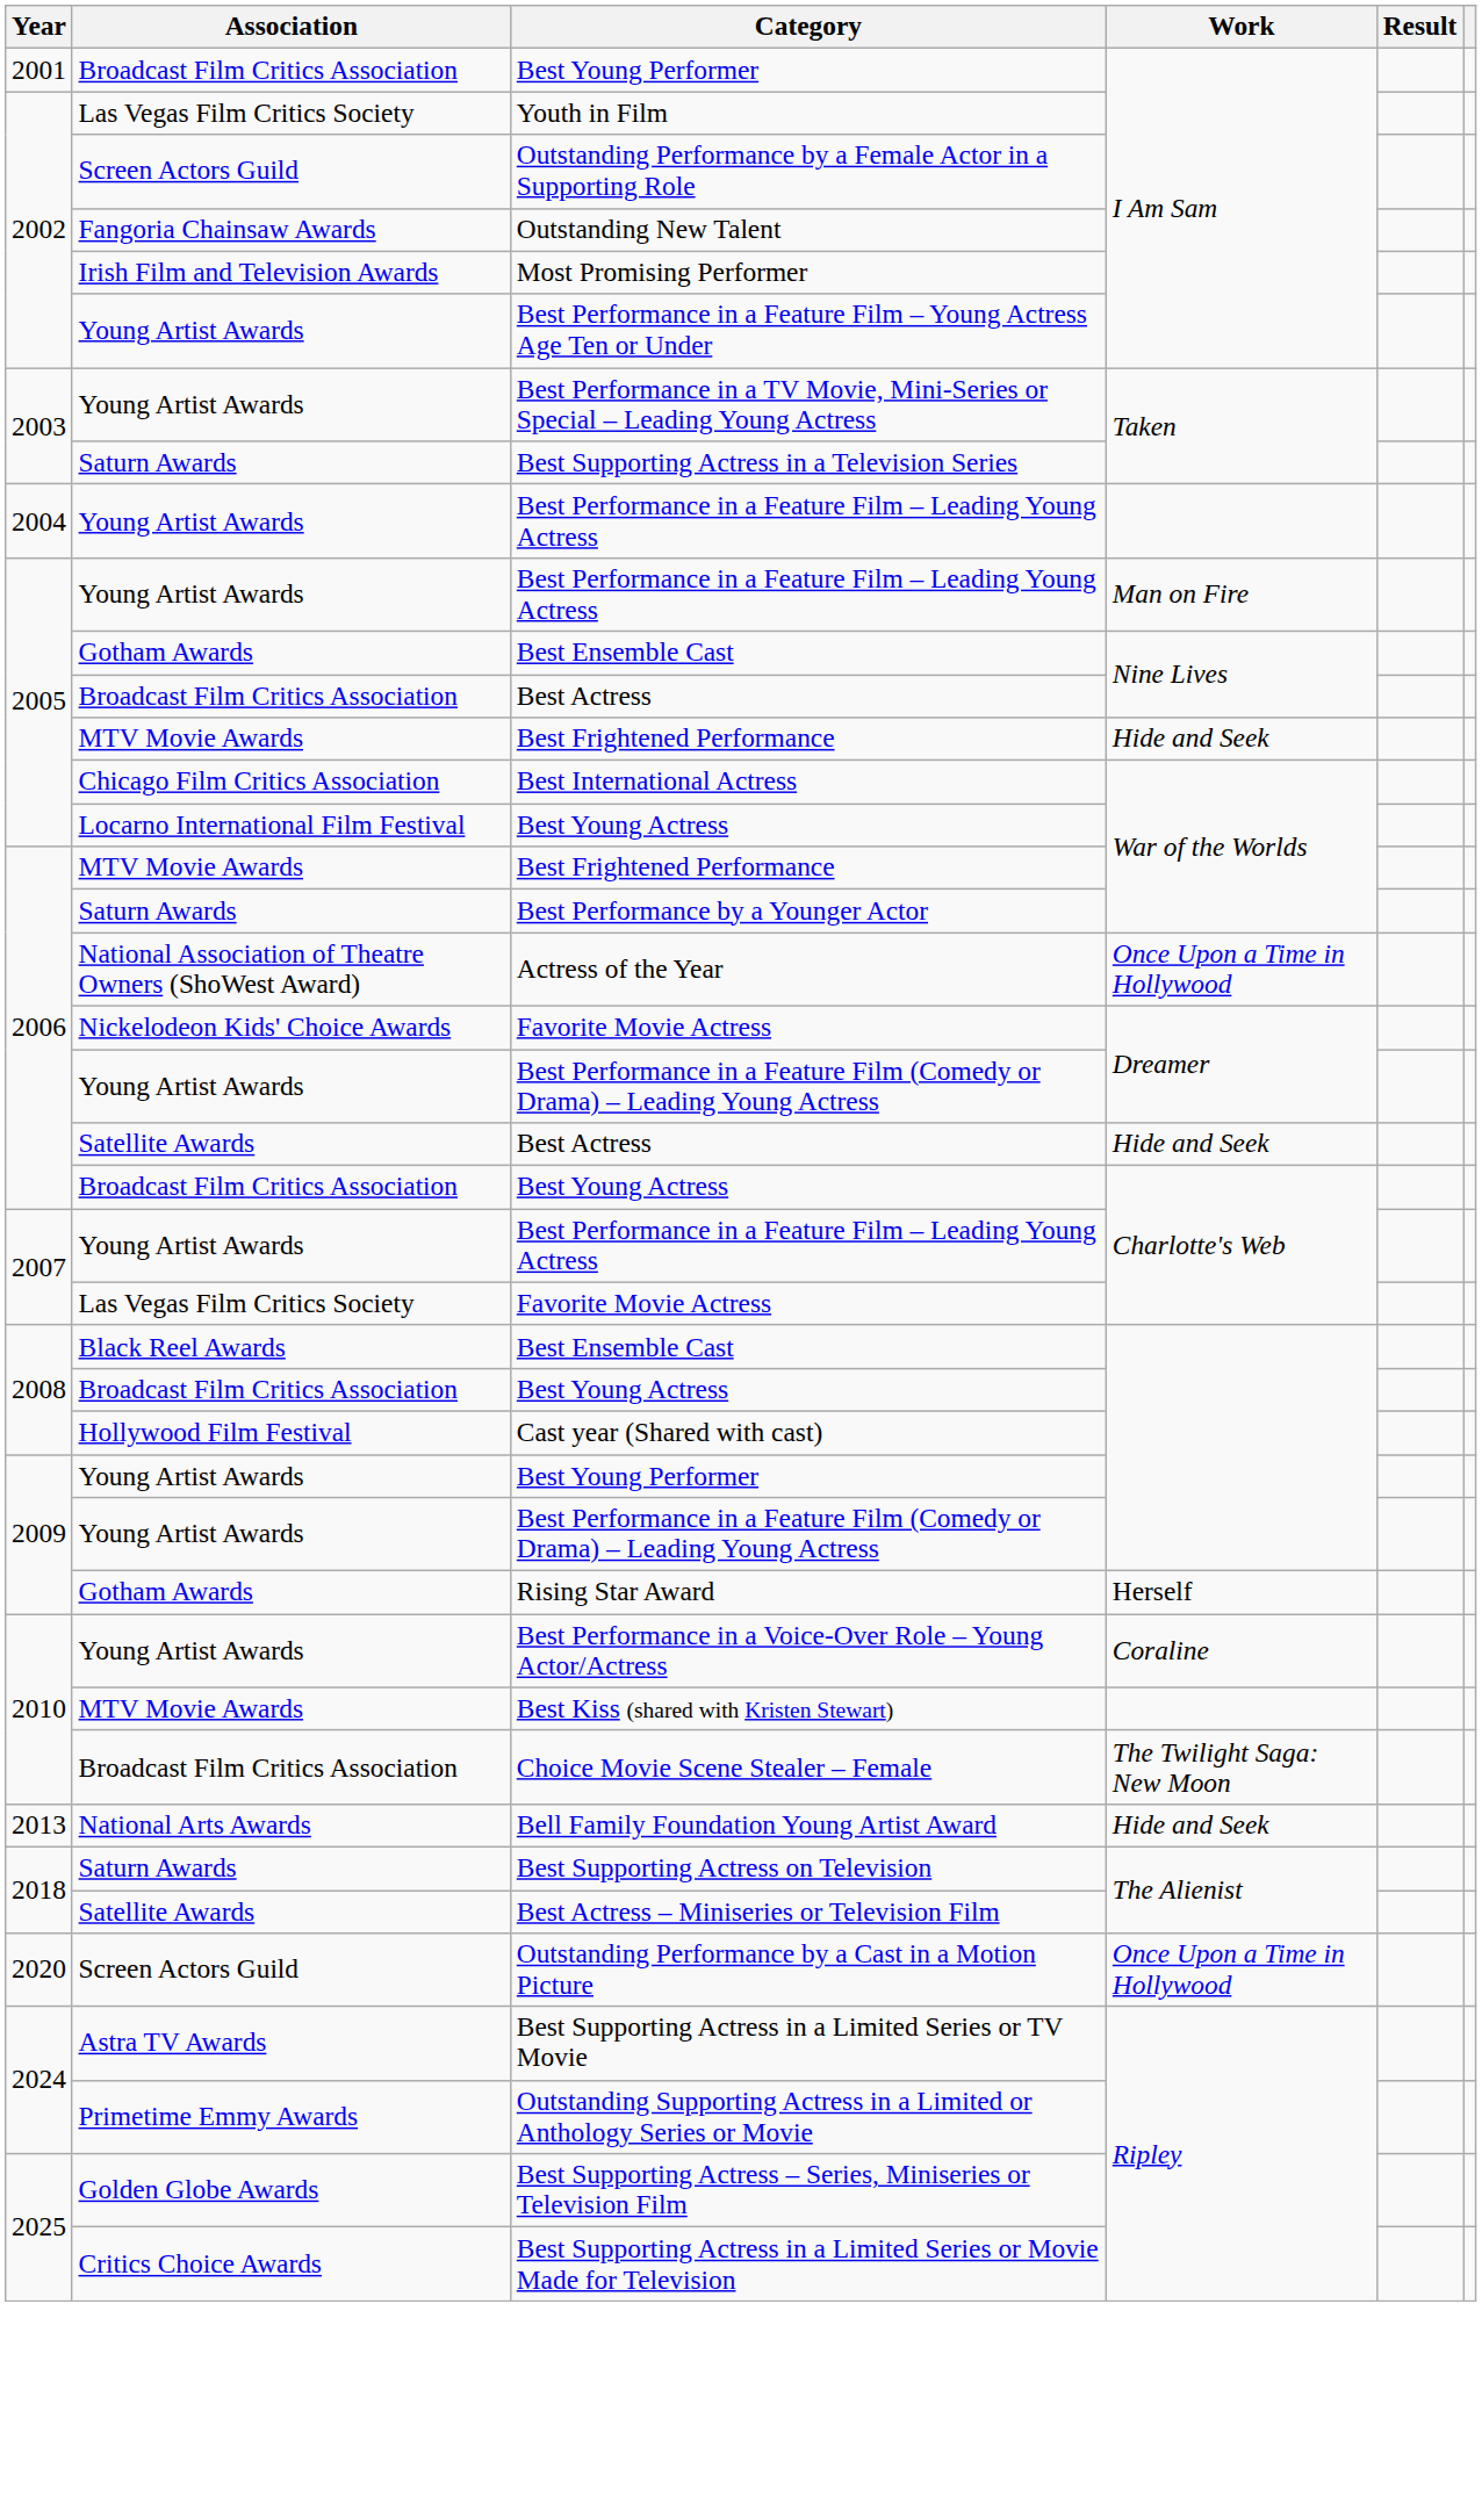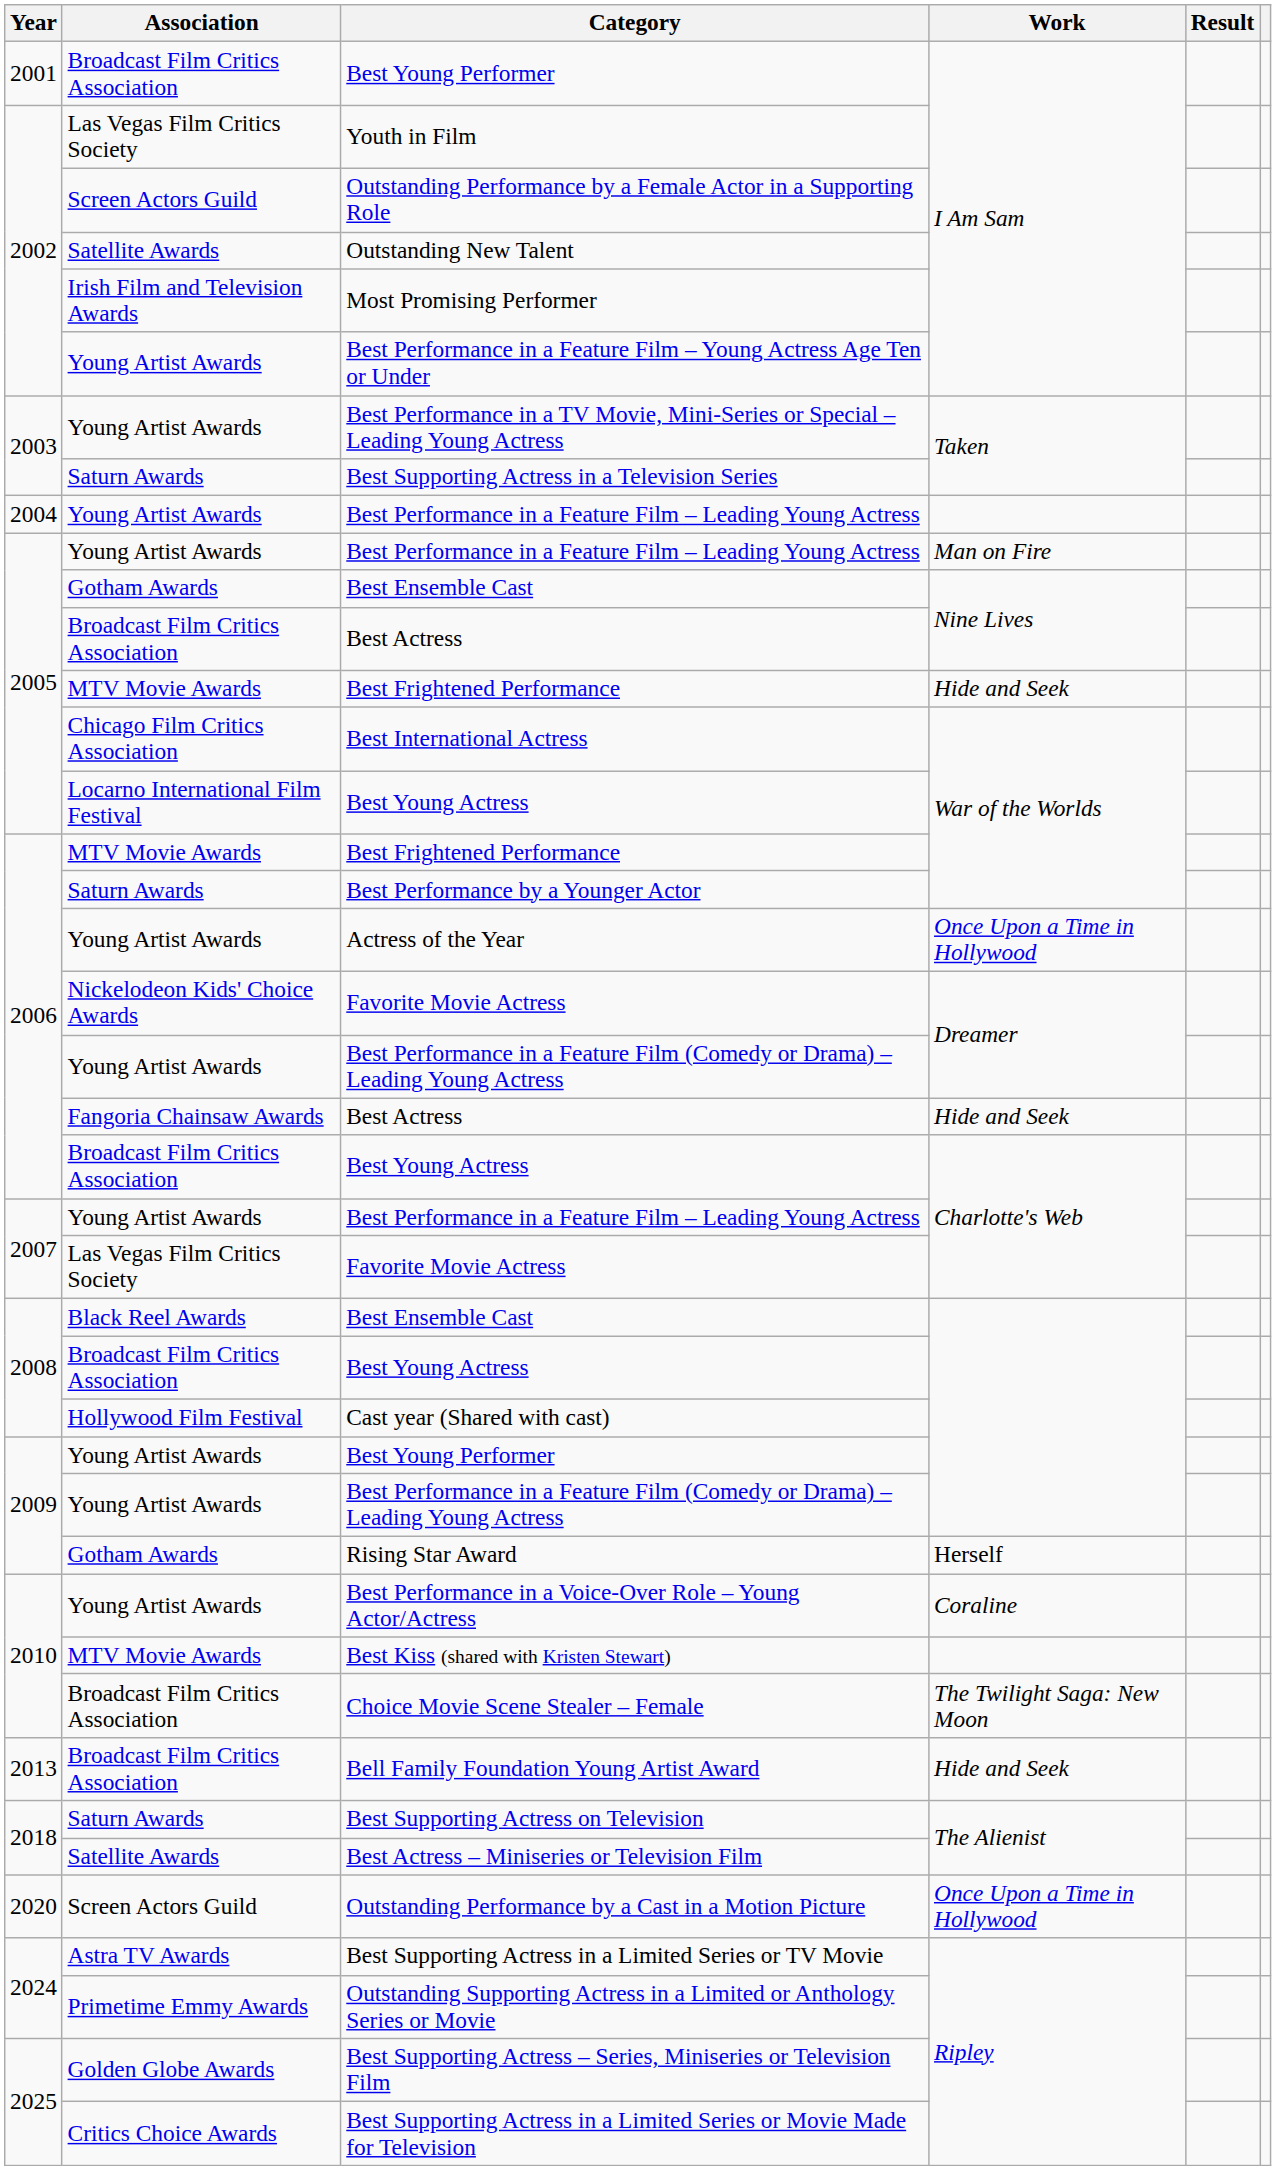 <table class="wikitable sortable">
 <tr>
 <th>Year</th>
 <th>Association</th>
 <th>Category</th>
 <th>Work</th>
 <th>Result</th>
 <th class="unsortable"></th>
 </tr>
 <tr>
 <td>2001</td>
 <td><a href='#'>Broadcast Film Critics Association</a></td>
 <td><a href='#'>Best Young Performer</a></td>
 <td rowspan="6"><em>I Am Sam</em></td>
 <td></td>
 <td style="text-align:center;"></td>
 </tr>
 <tr>
 <td rowspan="5">2002</td>
 <td>Las Vegas Film Critics Society</td>
 <td>Youth in Film</td>
 <td></td>
 <td style="text-align:center;"></td>
 </tr>
 <tr>
 <td><a href='#'>Screen Actors Guild</a></td>
 <td><a href='#'>Outstanding Performance by a Female Actor in a Supporting Role</a></td>
 <td></td>
 <td style="text-align:center;"></td>
 </tr>
 <tr>
-<td><a href='#'>Fangoria Chainsaw Awards</a></td>
+<td><a href='#'>Satellite Awards</a></td>
 <td>Outstanding New Talent</td>
 <td></td>
 <td style="text-align:center;"></td>
 </tr>
 <tr>
 <td><a href='#'>Irish Film and Television Awards</a></td>
 <td>Most Promising Performer</td>
 <td></td>
 <td></td>
 </tr>
 <tr>
 <td><a href='#'>Young Artist Awards</a></td>
 <td><a href='#'>Best Performance in a Feature Film – Young Actress Age Ten or Under</a></td>
 <td></td>
 <td style="text-align:center;"></td>
 </tr>
 <tr>
 <td rowspan="2">2003</td>
 <td>Young Artist Awards</td>
 <td><a href='#'>Best Performance in a TV Movie, Mini-Series or Special – Leading Young Actress</a></td>
 <td rowspan="2"><em>Taken</em></td>
 <td></td>
 <td style="text-align:center;"></td>
 </tr>
 <tr>
 <td><a href='#'>Saturn Awards</a></td>
 <td><a href='#'>Best Supporting Actress in a Television Series</a></td>
 <td></td>
 <td></td>
 </tr>
 <tr>
 <td>2004</td>
 <td><a href='#'>Young Artist Awards</a></td>
 <td><a href='#'>Best Performance in a Feature Film – Leading Young Actress</a></td>
 <td><em></em></td>
 <td></td>
 <td style="text-align:center;"></td>
 </tr>
 <tr>
 <td rowspan="6">2005</td>
 <td>Young Artist Awards</td>
 <td><a href='#'>Best Performance in a Feature Film – Leading Young Actress</a></td>
 <td><em>Man on Fire</em></td>
 <td></td>
 <td style="text-align:center;"></td>
 </tr>
 <tr>
 <td><a href='#'>Gotham Awards</a></td>
 <td><a href='#'>Best Ensemble Cast</a></td>
 <td rowspan="2"><em>Nine Lives</em></td>
 <td></td>
 <td style="text-align:center;"></td>
 </tr>
 <tr>
 <td><a href='#'>Broadcast Film Critics Association</a></td>
 <td>Best Actress</td>
 <td></td>
 <td></td>
 </tr>
 <tr>
 <td><a href='#'>MTV Movie Awards</a></td>
 <td><a href='#'>Best Frightened Performance</a></td>
 <td><em>Hide and Seek</em></td>
 <td></td>
 <td style="text-align:center;"></td>
 </tr>
 <tr>
 <td><a href='#'>Chicago Film Critics Association</a></td>
 <td><a href='#'>Best International Actress</a></td>
 <td rowspan="4"><em>War of the Worlds</em></td>
 <td></td>
 <td style="text-align:center;"></td>
 </tr>
 <tr>
 <td><a href='#'>Locarno International Film Festival</a></td>
 <td><a href='#'>Best Young Actress</a></td>
 <td></td>
 <td></td>
 </tr>
 <tr>
 <td rowspan="7">2006</td>
 <td><a href='#'>MTV Movie Awards</a></td>
 <td><a href='#'>Best Frightened Performance</a></td>
 <td></td>
 <td style="text-align:center;"></td>
 </tr>
 <tr>
 <td><a href='#'>Saturn Awards</a></td>
 <td><a href='#'>Best Performance by a Younger Actor</a></td>
 <td></td>
 <td style="text-align:center;"></td>
 </tr>
 <tr>
-<td><a href='#'>National Association of Theatre Owners</a> (ShoWest Award)</td>
+<td>Young Artist Awards</td>
 <td>Actress of the Year</td>
 <td><em><a href='#'>Once Upon a Time in Hollywood</a></em></td>
 <td></td>
 <td style="text-align:center;"></td>
 </tr>
 <tr>
 <td><a href='#'>Nickelodeon Kids' Choice Awards</a></td>
 <td><a href='#'>Favorite Movie Actress</a></td>
 <td rowspan="2"><em>Dreamer</em></td>
 <td></td>
 <td></td>
 </tr>
 <tr>
 <td>Young Artist Awards</td>
 <td><a href='#'>Best Performance in a Feature Film (Comedy or Drama) – Leading Young Actress</a></td>
 <td></td>
 <td style="text-align:center;"></td>
 </tr>
 <tr>
-<td><a href='#'>Satellite Awards</a></td>
+<td><a href='#'>Fangoria Chainsaw Awards</a></td>
 <td>Best Actress</td>
 <td><em>Hide and Seek</em></td>
 <td></td>
 <td></td>
 </tr>
 <tr>
 <td><a href='#'>Broadcast Film Critics Association</a></td>
 <td><a href='#'>Best Young Actress</a></td>
 <td rowspan="3"><em>Charlotte's Web</em></td>
 <td></td>
 <td></td>
 </tr>
 <tr>
 <td rowspan="2">2007</td>
 <td>Young Artist Awards</td>
 <td><a href='#'>Best Performance in a Feature Film – Leading Young Actress</a></td>
 <td></td>
 <td style="text-align:center;"></td>
 </tr>
 <tr>
 <td>Las Vegas Film Critics Society</td>
 <td><a href='#'>Favorite Movie Actress</a></td>
 <td></td>
 <td style="text-align:center;"></td>
 </tr>
 <tr>
 <td rowspan="3">2008</td>
 <td><a href='#'>Black Reel Awards</a></td>
 <td><a href='#'>Best Ensemble Cast</a></td>
 <td rowspan="5"><em></em></td>
 <td></td>
 <td></td>
 </tr>
 <tr>
 <td><a href='#'>Broadcast Film Critics Association</a></td>
 <td><a href='#'>Best Young Actress</a></td>
 <td></td>
 <td></td>
 </tr>
 <tr>
 <td><a href='#'>Hollywood Film Festival</a></td>
 <td>Cast year (Shared with cast)</td>
 <td></td>
 <td></td>
 </tr>
 <tr>
 <td rowspan="3">2009</td>
 <td>Young Artist Awards</td>
 <td><a href='#'>Best Young Performer</a></td>
 <td></td>
 <td></td>
 </tr>
 <tr>
 <td>Young Artist Awards</td>
 <td><a href='#'>Best Performance in a Feature Film (Comedy or Drama) – Leading Young Actress</a></td>
 <td></td>
 <td style="text-align:center;"></td>
 </tr>
 <tr>
 <td><a href='#'>Gotham Awards</a></td>
 <td>Rising Star Award</td>
 <td>Herself</td>
 <td></td>
 <td align="center"></td>
 </tr>
 <tr>
 <td rowspan="3">2010</td>
 <td>Young Artist Awards</td>
 <td><a href='#'>Best Performance in a Voice-Over Role – Young Actor/Actress</a></td>
 <td><em>Coraline</em></td>
 <td></td>
 <td style="text-align:center;"></td>
 </tr>
 <tr>
 <td><a href='#'>MTV Movie Awards</a></td>
 <td><a href='#'>Best Kiss</a> <small>(shared with <a href='#'>Kristen Stewart</a>)</small></td>
 <td><em></em></td>
 <td></td>
 <td style="text-align:center;"></td>
 </tr>
 <tr>
 <td>Broadcast Film Critics Association</td>
 <td><a href='#'>Choice Movie Scene Stealer – Female</a></td>
 <td><em>The Twilight Saga: New Moon</em></td>
 <td></td>
 <td></td>
 </tr>
 <tr>
 <td>2013</td>
-<td><a href='#'>National Arts Awards</a></td>
+<td><a href='#'>Broadcast Film Critics Association</a></td>
 <td><a href='#'>Bell Family Foundation Young Artist Award</a></td>
 <td><em>Hide and Seek</em></td>
 <td></td>
 <td></td>
 </tr>
 <tr>
 <td rowspan="2">2018</td>
 <td><a href='#'>Saturn Awards</a></td>
 <td><a href='#'>Best Supporting Actress on Television</a></td>
 <td rowspan="2"><em>The Alienist</em></td>
 <td></td>
 <td style="text-align:center;"></td>
 </tr>
 <tr>
 <td><a href='#'>Satellite Awards</a></td>
 <td><a href='#'>Best Actress – Miniseries or Television Film</a></td>
 <td></td>
 <td></td>
 </tr>
 <tr>
 <td>2020</td>
 <td>Screen Actors Guild</td>
 <td><a href='#'>Outstanding Performance by a Cast in a Motion Picture</a></td>
 <td><em><a href='#'>Once Upon a Time in Hollywood</a></em></td>
 <td></td>
 <td style="text-align:center;"></td>
 </tr>
 <tr>
 <td rowspan="2">2024</td>
 <td><a href='#'>Astra TV Awards</a></td>
 <td>Best Supporting Actress in a Limited Series or TV Movie</td>
 <td rowspan="4"><em><a href='#'>Ripley</a></em></td>
 <td></td>
 <td style="text-align:center;"></td>
 </tr>
 <tr>
 <td><a href='#'>Primetime Emmy Awards</a></td>
 <td><a href='#'>Outstanding Supporting Actress in a Limited or Anthology Series or Movie</a></td>
 <td></td>
 <td style="text-align:center;"></td>
 </tr>
 <tr>
 <td rowspan="2">2025</td>
 <td><a href='#'>Golden Globe Awards</a></td>
 <td><a href='#'>Best Supporting Actress – Series, Miniseries or Television Film</a></td>
 <td></td>
 <td style="text-align:center;"></td>
 </tr>
 <tr>
 <td><a href='#'>Critics Choice Awards</a></td>
 <td><a href='#'>Best Supporting Actress in a Limited Series or Movie Made for Television</a></td>
 <td></td>
 <td style="text-align:center;"></td>
 </tr>
 </table>
